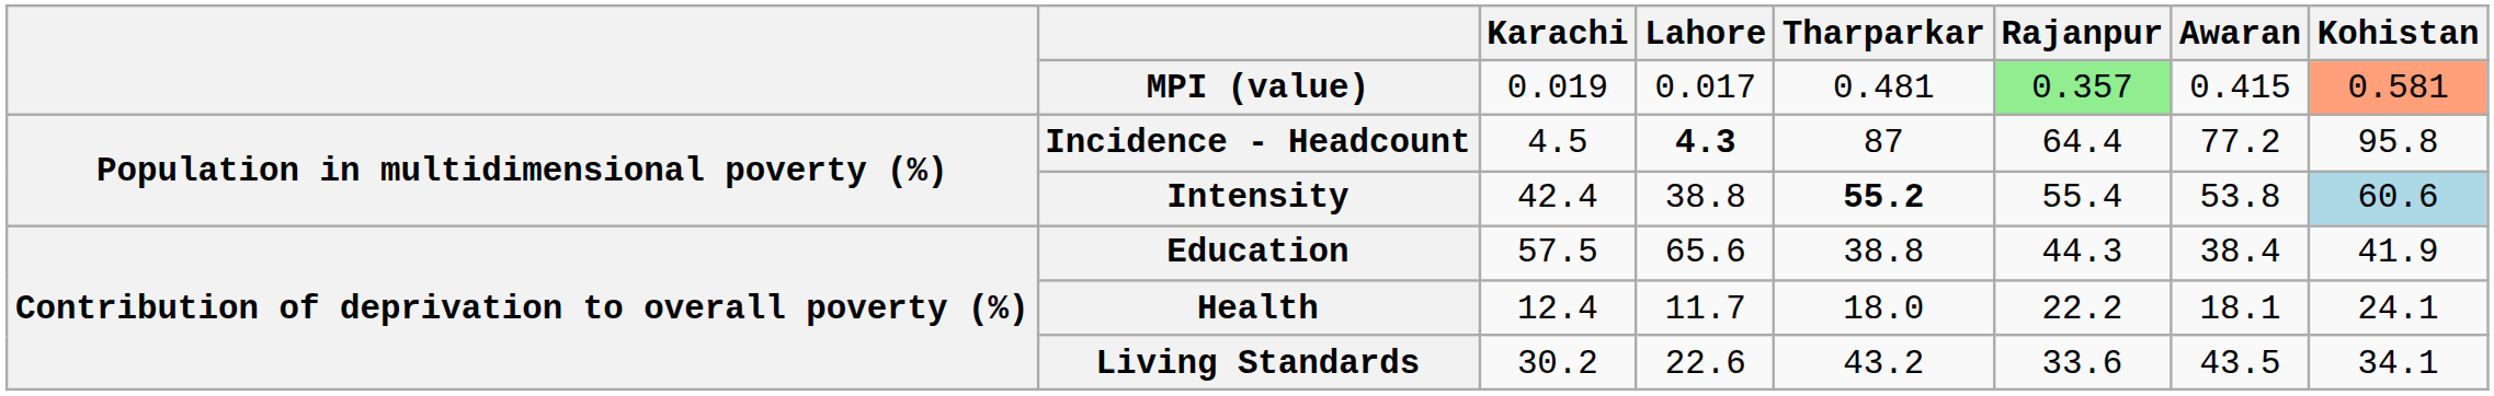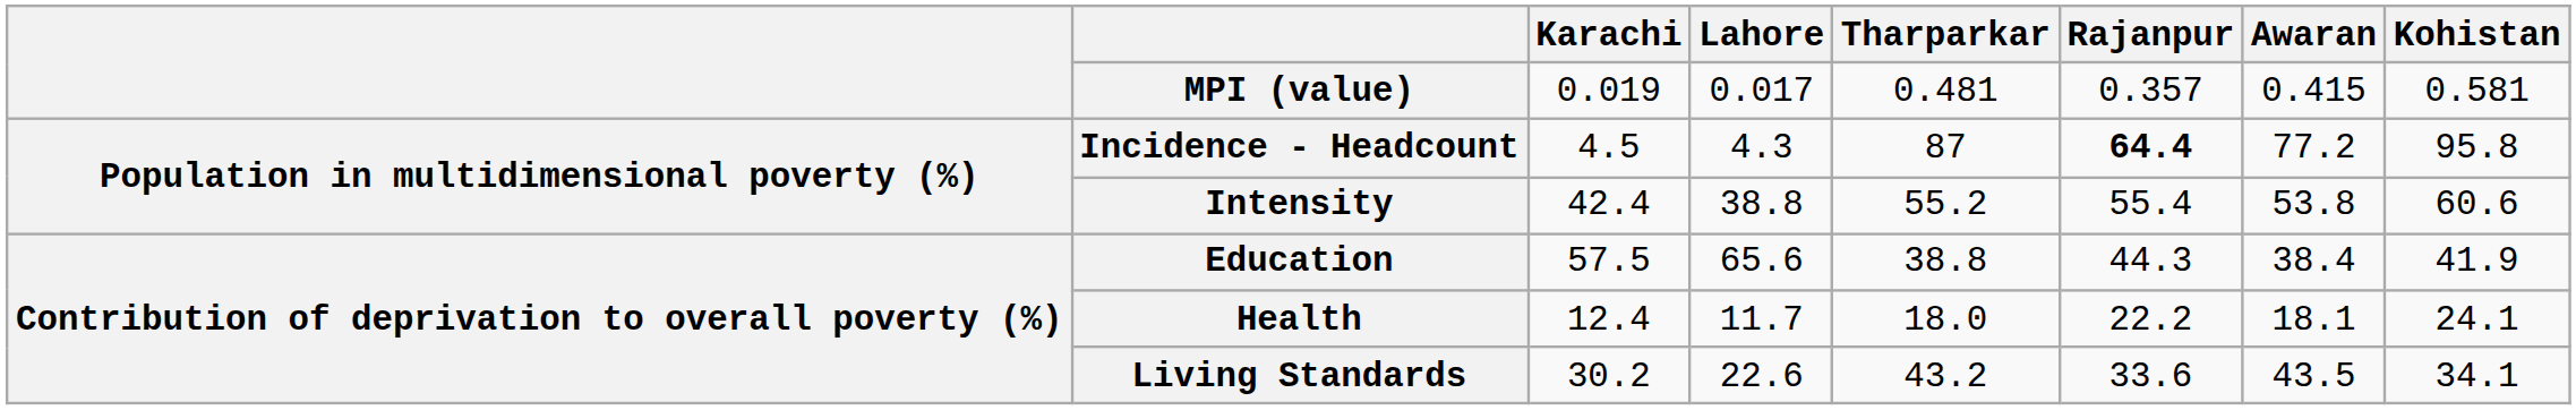 <table class="wikitable" style="margin-left: auto; margin-right: auto; text-align: center">
 <tr>
 <th rowspan="2"></th>
 <th></th>
 <th>Karachi</th>
 <th>Lahore</th>
 <th>Tharparkar</th>
 <th>Rajanpur</th>
 <th>Awaran</th>
 <th>Kohistan</th>
 </tr>
 <tr>
 <th>MPI (value)</th>
 <td>0.019</td>
 <td>0.017</td>
 <td>0.481</td>
-<td style="background: lightgreen;">0.357</td>
+<td>0.357</td>
 <td>0.415</td>
-<td style="background: lightsalmon;">0.581</td>
+<td>0.581</td>
 </tr>
 <tr>
 <th rowspan="2">Population in multidimensional poverty (%)</th>
 <th>Incidence - Headcount</th>
 <td>4.5</td>
-<td><strong>4.3</strong></td>
+<td>4.3</td>
 <td>87</td>
-<td>64.4</td>
+<td><strong>64.4</strong></td>
 <td>77.2</td>
 <td>95.8</td>
 </tr>
 <tr>
 <th>Intensity</th>
 <td>42.4</td>
 <td>38.8</td>
-<td><strong>55.2</strong></td>
+<td>55.2</td>
 <td>55.4</td>
 <td>53.8</td>
-<td style="background: lightblue;">60.6</td>
+<td>60.6</td>
 </tr>
 <tr>
 <th rowspan="3">Contribution of deprivation to overall poverty (%)</th>
 <th>Education</th>
 <td>57.5</td>
 <td>65.6</td>
 <td>38.8</td>
 <td>44.3</td>
 <td>38.4</td>
 <td>41.9</td>
 </tr>
 <tr>
 <th>Health</th>
 <td>12.4</td>
 <td>11.7</td>
 <td>18.0</td>
 <td>22.2</td>
 <td>18.1</td>
 <td>24.1</td>
 </tr>
 <tr>
 <th>Living Standards</th>
 <td>30.2</td>
 <td>22.6</td>
 <td>43.2</td>
 <td>33.6</td>
 <td>43.5</td>
 <td>34.1</td>
 </tr>
 </table>
